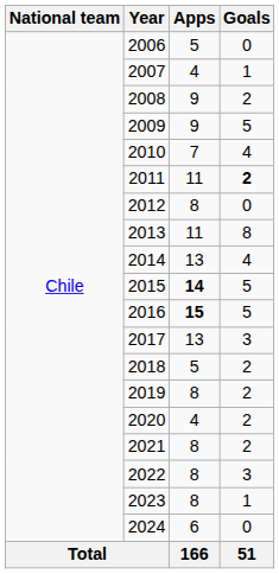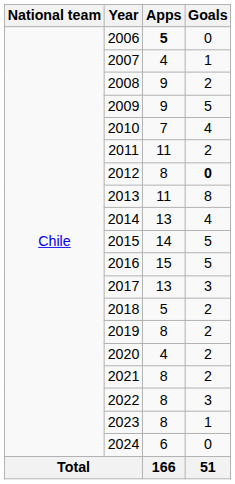 <table class=wikitable style=text-align:center>
 <tr>
 <th>National team</th>
 <th>Year</th>
 <th>Apps</th>
 <th>Goals</th>
 </tr>
 <tr>
 <td rowspan=19><a href='#'>Chile</a></td>
 <td>2006</td>
-<td>5</td>
+<td><strong>5</strong></td>
 <td>0</td>
 </tr>
 <tr>
 <td>2007</td>
 <td>4</td>
 <td>1</td>
 </tr>
 <tr>
 <td>2008</td>
 <td>9</td>
 <td>2</td>
 </tr>
 <tr>
 <td>2009</td>
 <td>9</td>
 <td>5</td>
 </tr>
 <tr>
 <td>2010</td>
 <td>7</td>
 <td>4</td>
 </tr>
 <tr>
 <td>2011</td>
 <td>11</td>
-<td><strong>2</strong></td>
+<td>2</td>
 </tr>
 <tr>
 <td>2012</td>
 <td>8</td>
-<td>0</td>
+<td><strong>0</strong></td>
 </tr>
 <tr>
 <td>2013</td>
 <td>11</td>
 <td>8</td>
 </tr>
 <tr>
 <td>2014</td>
 <td>13</td>
 <td>4</td>
 </tr>
 <tr>
 <td>2015</td>
-<td><strong>14</strong></td>
+<td>14</td>
 <td>5</td>
 </tr>
 <tr>
 <td>2016</td>
-<td><strong>15</strong></td>
+<td>15</td>
 <td>5</td>
 </tr>
 <tr>
 <td>2017</td>
 <td>13</td>
 <td>3</td>
 </tr>
 <tr>
 <td>2018</td>
 <td>5</td>
 <td>2</td>
 </tr>
 <tr>
 <td>2019</td>
 <td>8</td>
 <td>2</td>
 </tr>
 <tr>
 <td>2020</td>
 <td>4</td>
 <td>2</td>
 </tr>
 <tr>
 <td>2021</td>
 <td>8</td>
 <td>2</td>
 </tr>
 <tr>
 <td>2022</td>
 <td>8</td>
 <td>3</td>
 </tr>
 <tr>
 <td>2023</td>
 <td>8</td>
 <td>1</td>
 </tr>
 <tr>
 <td>2024</td>
 <td>6</td>
 <td>0</td>
 </tr>
 <tr>
 <th colspan=2>Total</th>
 <th>166</th>
 <th>51</th>
 </tr>
 </table>
